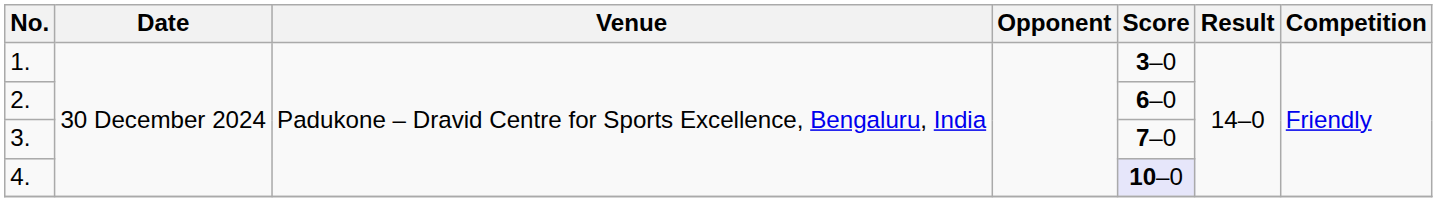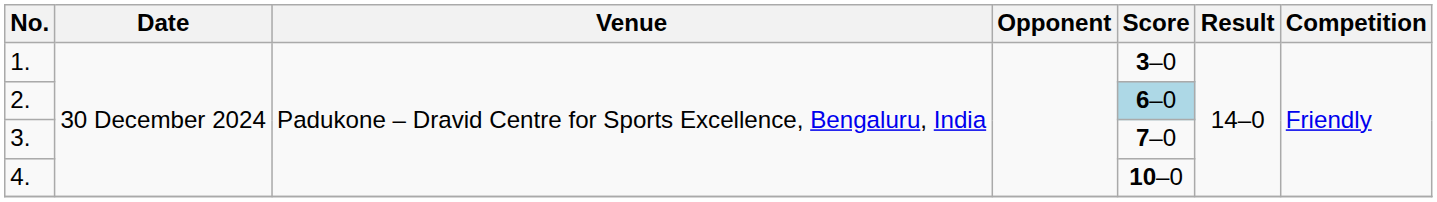 <table class="wikitable">
 <tr>
 <th>No.</th>
 <th>Date</th>
 <th>Venue</th>
 <th>Opponent</th>
 <th>Score</th>
 <th>Result</th>
 <th>Competition</th>
 </tr>
 <tr>
 <td>1.</td>
 <td rowspan=4>30 December 2024</td>
 <td rowspan=4>Padukone – Dravid Centre for Sports Excellence, <a href='#'>Bengaluru</a>, <a href='#'>India</a></td>
 <td rowspan=4></td>
 <td align=center><strong>3</strong>–0</td>
 <td rowspan=4 align=center>14–0</td>
 <td rowspan=4><a href='#'>Friendly</a></td>
 </tr>
 <tr>
 <td>2.</td>
-<td align=center><strong>6</strong>–0</td>
+<td align=center style="background: lightblue;"><strong>6</strong>–0</td>
 </tr>
 <tr>
 <td>3.</td>
 <td align=center><strong>7</strong>–0</td>
 </tr>
 <tr>
 <td>4.</td>
-<td align=center style="background: lavender;"><strong>10</strong>–0</td>
+<td align=center><strong>10</strong>–0</td>
 </tr>
 <tr>
 </tr>
 </table>
